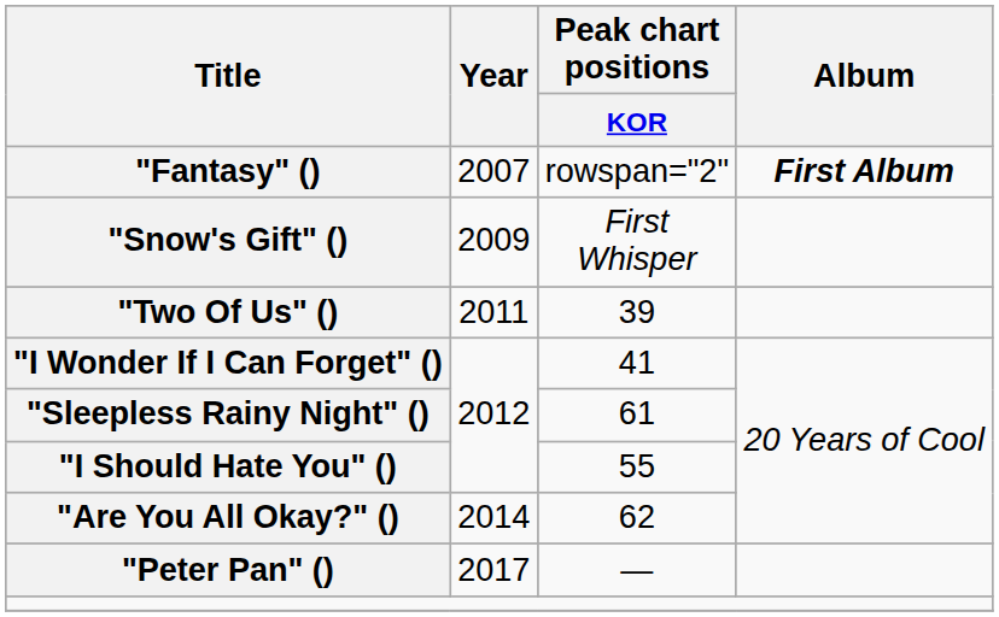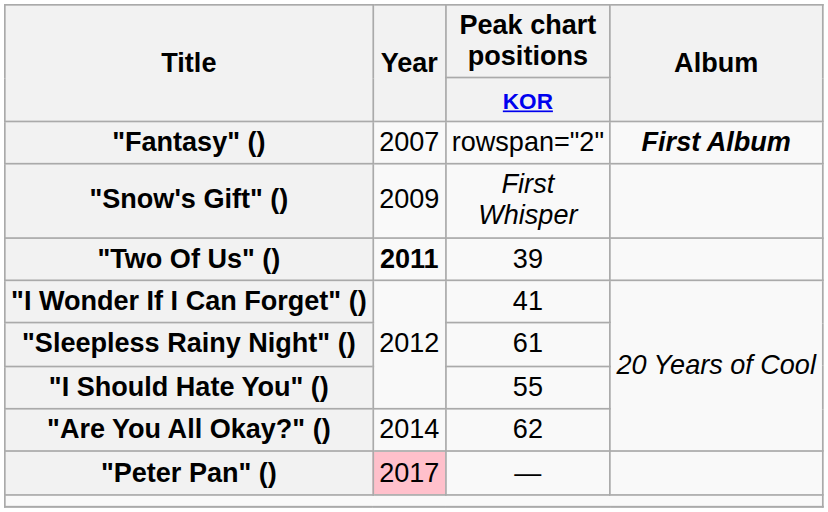 <table class="wikitable plainrowheaders" style="text-align:center;">
 <tr>
 <th rowspan="2" scope="col">Title</th>
 <th rowspan="2" scope="col">Year</th>
 <th colspan="1" scope="col" style="width:5em;">Peak chart positions</th>
 <th rowspan="2" scope="col">Album</th>
 </tr>
 <tr>
 <th><small><a href='#'>KOR</a></small><br></th>
 </tr>
 <tr>
 <th scope="row">"Fantasy" ()</th>
 <td>2007</td>
 <td>rowspan="2" </td>
 <td><strong><em>First Album</em></strong></td>
 </tr>
 <tr>
 <th scope="row">"Snow's Gift" ()<br></th>
 <td>2009</td>
 <td><em>First Whisper</em></td>
 </tr>
 <tr>
 <th scope="row">"Two Of Us" ()<br></th>
-<td>2011</td>
+<td><strong>2011</strong></td>
 <td>39</td>
 <td></td>
 </tr>
 <tr>
 <th scope="row">"I Wonder If I Can Forget" ()</th>
 <td rowspan="3">2012</td>
 <td>41</td>
 <td rowspan="4"><em>20 Years of Cool</em></td>
 </tr>
 <tr>
 <th scope="row">"Sleepless Rainy Night" ()<br></th>
 <td>61</td>
 </tr>
 <tr>
 <th scope="row">"I Should Hate You" ()</th>
 <td>55</td>
 </tr>
 <tr>
 <th scope="row">"Are You All Okay?" ()</th>
 <td>2014</td>
 <td>62</td>
 </tr>
 <tr>
 <th scope="row">"Peter Pan" ()</th>
-<td>2017</td>
+<td style="background: pink;">2017</td>
 <td>—</td>
 <td></td>
 </tr>
 <tr>
 <td colspan="4"></td>
 </tr>
 <tr>
 </tr>
 </table>
